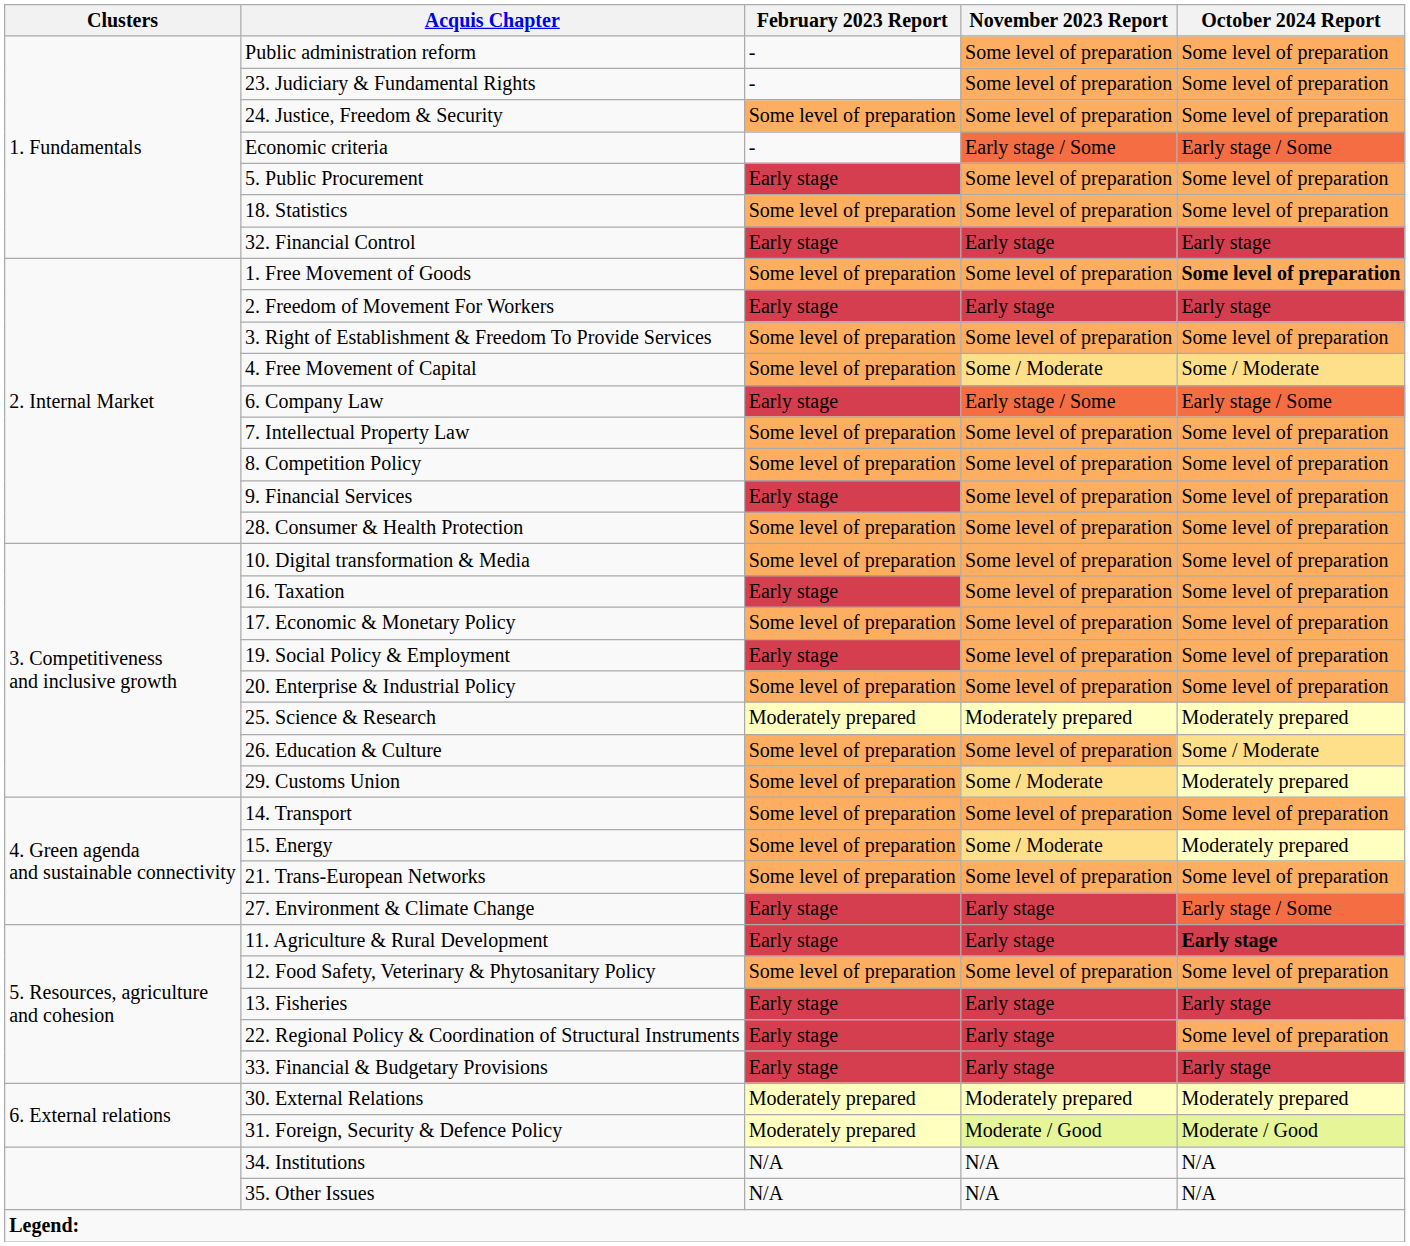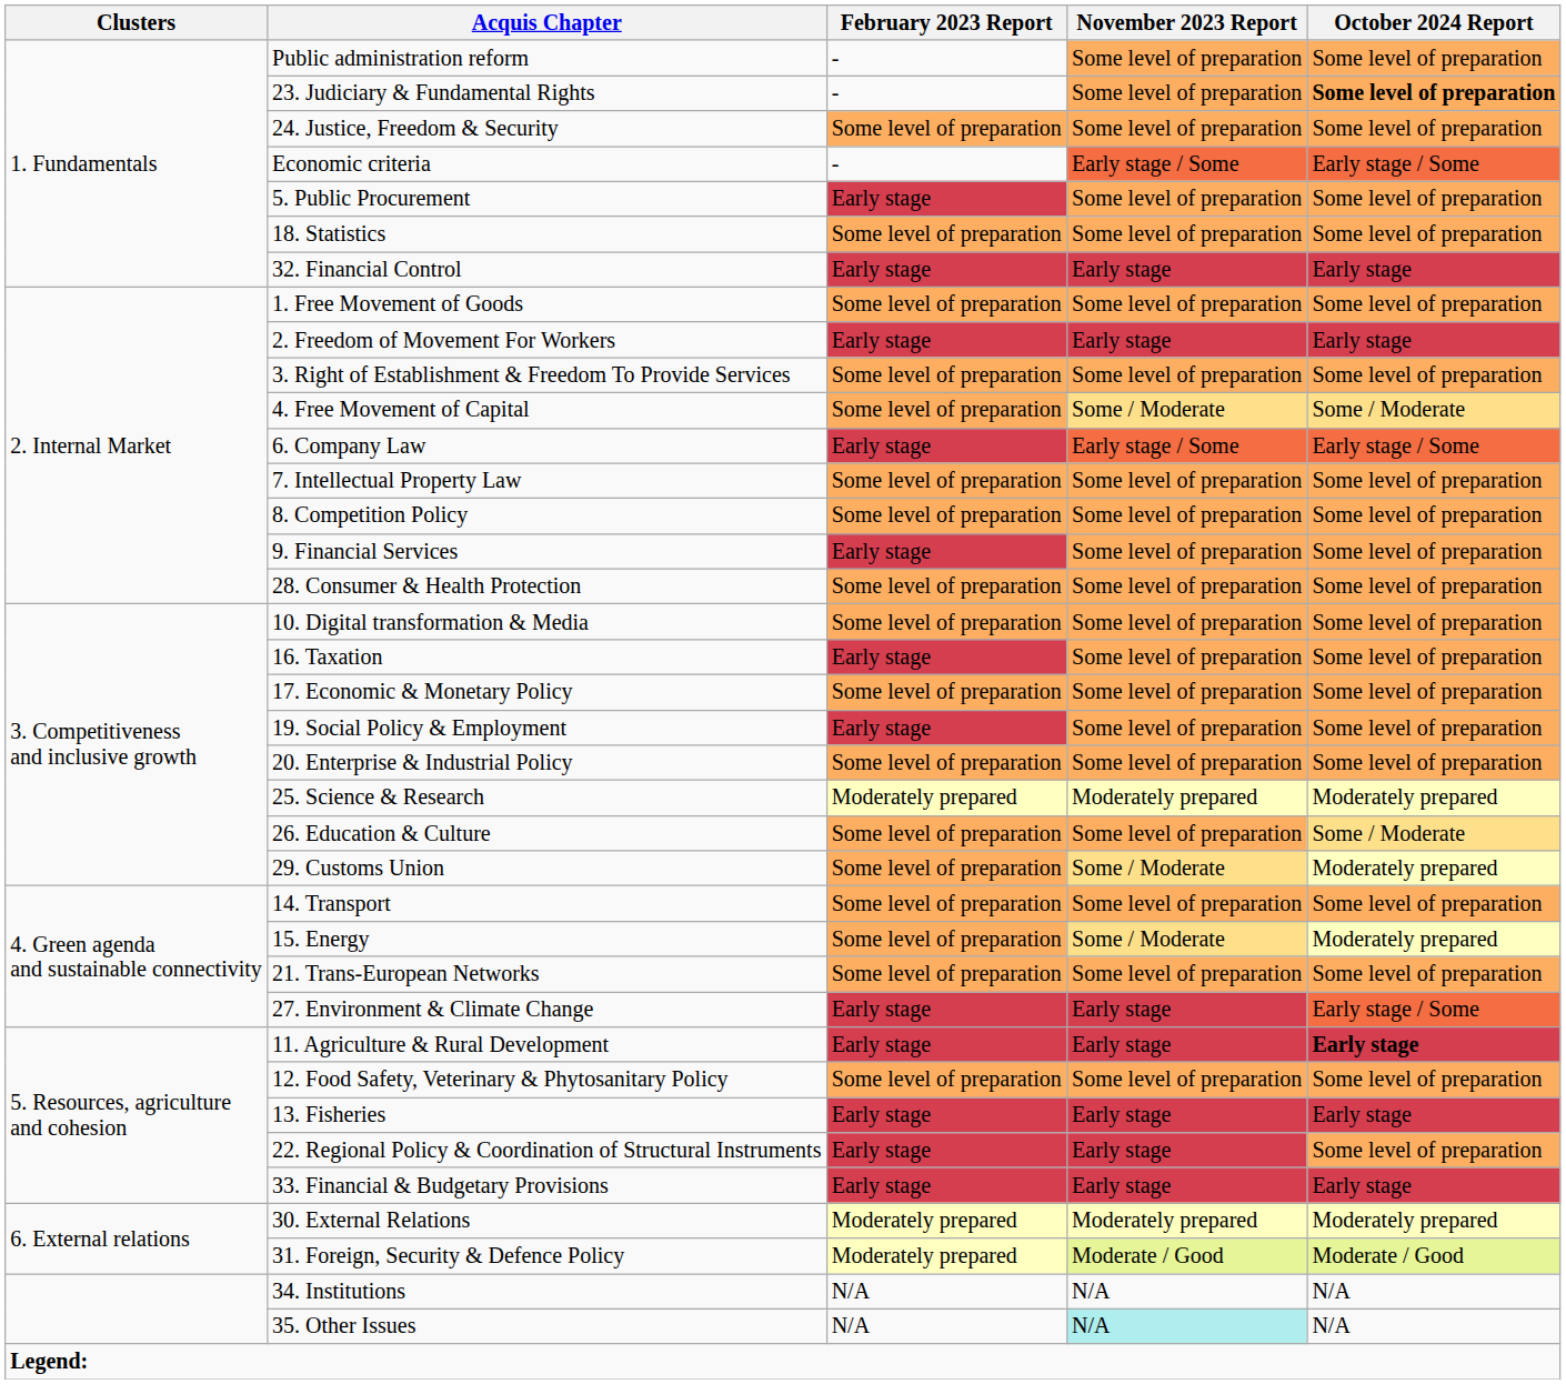 <table class="wikitable sortable mw-collapsible mw-collapsed" style="text-align:left; font-size: 1.0em;">
 <tr>
 <th>Clusters</th>
 <th><a href='#'>Acquis Chapter</a></th>
 <th>February 2023 Report</th>
 <th>November 2023 Report</th>
 <th>October 2024 Report</th>
 </tr>
 <tr>
 <td rowspan="7">1. Fundamentals</td>
 <td>Public administration reform</td>
 <td>-</td>
 <td style="background:#fdae61;" data-sort-value="2">Some level of preparation</td>
 <td style="background:#fdae61;" data-sort-value="2">Some level of preparation</td>
 </tr>
 <tr>
 <td style="text-align:left;">23. Judiciary & Fundamental Rights</td>
 <td>-</td>
 <td style="background:#fdae61;" data-sort-value="2">Some level of preparation</td>
-<td style="background:#fdae61;" data-sort-value="2">Some level of preparation</td>
+<td style="background:#fdae61;" data-sort-value="2"><strong>Some level of preparation</strong></td>
 </tr>
 <tr>
 <td style="text-align:left;">24. Justice, Freedom & Security</td>
 <td style="background:#fdae61;" data-sort-value="2">Some level of preparation</td>
 <td style="background:#fdae61;" data-sort-value="2">Some level of preparation</td>
 <td style="background:#fdae61;" data-sort-value="2">Some level of preparation</td>
 </tr>
 <tr>
 <td>Economic criteria</td>
 <td>-</td>
 <td style="background:#f46d43;" data-sort-value="1.5">Early stage / Some</td>
 <td style="background:#f46d43;" data-sort-value="1.5">Early stage / Some</td>
 </tr>
 <tr>
 <td style="text-align:left;">5. Public Procurement</td>
 <td style="background:#d53e4f;" data-sort-value="1">Early stage</td>
 <td style="background:#fdae61;" data-sort-value="2">Some level of preparation</td>
 <td style="background:#fdae61;" data-sort-value="2">Some level of preparation</td>
 </tr>
 <tr>
 <td style="text-align:left;">18. Statistics</td>
 <td style="background:#fdae61;" data-sort-value="2">Some level of preparation</td>
 <td style="background:#fdae61;" data-sort-value="2">Some level of preparation</td>
 <td style="background:#fdae61;" data-sort-value="2">Some level of preparation</td>
 </tr>
 <tr>
 <td style="text-align:left;">32. Financial Control</td>
 <td style="background:#d53e4f;" data-sort-value="1">Early stage</td>
 <td style="background:#d53e4f;" data-sort-value="1">Early stage</td>
 <td style="background:#d53e4f;" data-sort-value="1">Early stage</td>
 </tr>
 <tr>
 <td rowspan="9">2. Internal Market</td>
 <td style="text-align:left;">1. Free Movement of Goods</td>
 <td style="background:#fdae61;" data-sort-value="2">Some level of preparation</td>
 <td style="background:#fdae61;" data-sort-value="2">Some level of preparation</td>
-<td style="background:#fdae61;" data-sort-value="2"><strong>Some level of preparation</strong></td>
+<td style="background:#fdae61;" data-sort-value="2">Some level of preparation</td>
 </tr>
 <tr>
 <td style="text-align:left;">2. Freedom of Movement For Workers</td>
 <td style="background:#d53e4f;" data-sort-value="1">Early stage</td>
 <td style="background:#d53e4f;" data-sort-value="1">Early stage</td>
 <td style="background:#d53e4f;" data-sort-value="1">Early stage</td>
 </tr>
 <tr>
 <td style="text-align:left;">3. Right of Establishment & Freedom To Provide Services</td>
 <td style="background:#fdae61;" data-sort-value="2">Some level of preparation</td>
 <td style="background:#fdae61;" data-sort-value="2">Some level of preparation</td>
 <td style="background:#fdae61;" data-sort-value="2">Some level of preparation</td>
 </tr>
 <tr>
 <td style="text-align:left;">4. Free Movement of Capital</td>
 <td style="background:#fdae61;" data-sort-value="2">Some level of preparation</td>
 <td style="background:#fee08b;" data-sort-value="2.5">Some / Moderate</td>
 <td style="background:#fee08b;" data-sort-value="2.5">Some / Moderate</td>
 </tr>
 <tr>
 <td style="text-align:left;">6. Company Law</td>
 <td style="background:#d53e4f;" data-sort-value="1">Early stage</td>
 <td style="background:#f46d43;" data-sort-value="1.5">Early stage / Some</td>
 <td style="background:#f46d43;" data-sort-value="1.5">Early stage / Some</td>
 </tr>
 <tr>
 <td style="text-align:left;">7. Intellectual Property Law</td>
 <td style="background:#fdae61;" data-sort-value="2">Some level of preparation</td>
 <td style="background:#fdae61;" data-sort-value="2">Some level of preparation</td>
 <td style="background:#fdae61;" data-sort-value="2">Some level of preparation</td>
 </tr>
 <tr>
 <td style="text-align:left;">8. Competition Policy</td>
 <td style="background:#fdae61;" data-sort-value="2">Some level of preparation</td>
 <td style="background:#fdae61;" data-sort-value="2">Some level of preparation</td>
 <td style="background:#fdae61;" data-sort-value="2">Some level of preparation</td>
 </tr>
 <tr>
 <td style="text-align:left;">9. Financial Services</td>
 <td style="background:#d53e4f;" data-sort-value="1">Early stage</td>
 <td style="background:#fdae61;" data-sort-value="2">Some level of preparation</td>
 <td style="background:#fdae61;" data-sort-value="2">Some level of preparation</td>
 </tr>
 <tr>
 <td style="text-align:left;">28. Consumer & Health Protection</td>
 <td style="background:#fdae61;" data-sort-value="2">Some level of preparation</td>
 <td style="background:#fdae61;" data-sort-value="2">Some level of preparation</td>
 <td style="background:#fdae61;" data-sort-value="2">Some level of preparation</td>
 </tr>
 <tr>
 <td rowspan="8">3. Competitiveness <br>and inclusive growth</td>
 <td style="text-align:left;">10. Digital transformation & Media</td>
 <td style="background:#fdae61;" data-sort-value="2">Some level of preparation</td>
 <td style="background:#fdae61;" data-sort-value="2">Some level of preparation</td>
 <td style="background:#fdae61;" data-sort-value="2">Some level of preparation</td>
 </tr>
 <tr>
 <td style="text-align:left;">16. Taxation</td>
 <td style="background:#d53e4f;" data-sort-value="1">Early stage</td>
 <td style="background:#fdae61;" data-sort-value="2">Some level of preparation</td>
 <td style="background:#fdae61;" data-sort-value="2">Some level of preparation</td>
 </tr>
 <tr>
 <td style="text-align:left;">17. Economic & Monetary Policy</td>
 <td style="background:#fdae61;" data-sort-value="2">Some level of preparation</td>
 <td style="background:#fdae61;" data-sort-value="2">Some level of preparation</td>
 <td style="background:#fdae61;" data-sort-value="2">Some level of preparation</td>
 </tr>
 <tr>
 <td style="text-align:left;">19. Social Policy & Employment</td>
 <td style="background:#d53e4f;" data-sort-value="1">Early stage</td>
 <td style="background:#fdae61;" data-sort-value="2">Some level of preparation</td>
 <td style="background:#fdae61;" data-sort-value="2">Some level of preparation</td>
 </tr>
 <tr>
 <td style="text-align:left;">20. Enterprise & Industrial Policy</td>
 <td style="background:#fdae61;" data-sort-value="2">Some level of preparation</td>
 <td style="background:#fdae61;" data-sort-value="2">Some level of preparation</td>
 <td style="background:#fdae61;" data-sort-value="2">Some level of preparation</td>
 </tr>
 <tr>
 <td style="text-align:left;">25. Science & Research</td>
 <td style="background:#ffffbf;" data-sort-value="3">Moderately prepared</td>
 <td style="background:#ffffbf;" data-sort-value="3">Moderately prepared</td>
 <td style="background:#ffffbf;" data-sort-value="3">Moderately prepared</td>
 </tr>
 <tr>
 <td style="text-align:left;">26. Education & Culture</td>
 <td style="background:#fdae61;" data-sort-value="2">Some level of preparation</td>
 <td style="background:#fdae61;" data-sort-value="2">Some level of preparation</td>
 <td style="background:#fee08b;" data-sort-value="2.5">Some / Moderate</td>
 </tr>
 <tr>
 <td style="text-align:left;">29. Customs Union</td>
 <td style="background:#fdae61;" data-sort-value="2">Some level of preparation</td>
 <td style="background:#fee08b;" data-sort-value="2.5">Some / Moderate</td>
 <td style="background:#ffffbf;" data-sort-value="3">Moderately prepared</td>
 </tr>
 <tr>
 <td rowspan="4">4. Green agenda<br>and sustainable connectivity</td>
 <td style="text-align:left;">14. Transport</td>
 <td style="background:#fdae61;" data-sort-value="2">Some level of preparation</td>
 <td style="background:#fdae61;" data-sort-value="2">Some level of preparation</td>
 <td style="background:#fdae61;" data-sort-value="2">Some level of preparation</td>
 </tr>
 <tr>
 <td style="text-align:left;">15. Energy</td>
 <td style="background:#fdae61;" data-sort-value="2">Some level of preparation</td>
 <td style="background:#fee08b;" data-sort-value="2.5">Some / Moderate</td>
 <td style="background:#ffffbf;" data-sort-value="3">Moderately prepared</td>
 </tr>
 <tr>
 <td style="text-align:left;">21. Trans-European Networks</td>
 <td style="background:#fdae61;" data-sort-value="2">Some level of preparation</td>
 <td style="background:#fdae61;" data-sort-value="2">Some level of preparation</td>
 <td style="background:#fdae61;" data-sort-value="2">Some level of preparation</td>
 </tr>
 <tr>
 <td style="text-align:left;">27. Environment & Climate Change</td>
 <td style="background:#d53e4f;" data-sort-value="1">Early stage</td>
 <td style="background:#d53e4f;" data-sort-value="1">Early stage</td>
 <td style="background:#f46d43;" data-sort-value="1.5">Early stage / Some</td>
 </tr>
 <tr>
 <td rowspan="5">5. Resources, agriculture <br>and cohesion</td>
 <td style="text-align:left;">11. Agriculture & Rural Development</td>
 <td style="background:#d53e4f;" data-sort-value="1">Early stage</td>
 <td style="background:#d53e4f;" data-sort-value="1">Early stage</td>
 <td style="background:#d53e4f;" data-sort-value="1"><strong>Early stage</strong></td>
 </tr>
 <tr>
 <td style="text-align:left;">12. Food Safety, Veterinary & Phytosanitary Policy</td>
 <td style="background:#fdae61;" data-sort-value="2">Some level of preparation</td>
 <td style="background:#fdae61;" data-sort-value="2">Some level of preparation</td>
 <td style="background:#fdae61;" data-sort-value="2">Some level of preparation</td>
 </tr>
 <tr>
 <td style="text-align:left;">13. Fisheries</td>
 <td style="background:#d53e4f;" data-sort-value="1">Early stage</td>
 <td style="background:#d53e4f;" data-sort-value="1">Early stage</td>
 <td style="background:#d53e4f;" data-sort-value="1">Early stage</td>
 </tr>
 <tr>
 <td style="text-align:left;">22. Regional Policy & Coordination of Structural Instruments</td>
 <td style="background:#d53e4f;" data-sort-value="1">Early stage</td>
 <td style="background:#d53e4f;" data-sort-value="1">Early stage</td>
 <td style="background:#fdae61;" data-sort-value="2">Some level of preparation</td>
 </tr>
 <tr>
 <td style="text-align:left;">33. Financial & Budgetary Provisions</td>
 <td style="background:#d53e4f;" data-sort-value="1">Early stage</td>
 <td style="background:#d53e4f;" data-sort-value="1">Early stage</td>
 <td style="background:#d53e4f;" data-sort-value="1">Early stage</td>
 </tr>
 <tr>
 <td rowspan="2">6. External relations</td>
 <td style="text-align:left;">30. External Relations</td>
 <td style="background:#ffffbf;" data-sort-value="3">Moderately prepared</td>
 <td style="background:#ffffbf;" data-sort-value="3">Moderately prepared</td>
 <td style="background:#ffffbf;" data-sort-value="3">Moderately prepared</td>
 </tr>
 <tr>
 <td style="text-align:left;">31. Foreign, Security & Defence Policy</td>
 <td style="background:#ffffbf;" data-sort-value="3">Moderately prepared</td>
 <td style="background:#e6f598;" data-sort-value="3.5">Moderate / Good</td>
 <td style="background:#e6f598;" data-sort-value="3.5">Moderate / Good</td>
 </tr>
 <tr>
 <td rowspan="2"></td>
 <td style="text-align:left;">34. Institutions</td>
 <td>N/A</td>
 <td>N/A</td>
 <td>N/A</td>
 </tr>
 <tr>
 <td style="text-align:left;">35. Other Issues</td>
 <td>N/A</td>
-<td>N/A</td>
+<td style="background: paleturquoise;">N/A</td>
 <td>N/A</td>
 </tr>
 <tr class=sortbottom>
 <td colspan="5"><strong>Legend:</strong><br>        </td>
 </tr>
 </table>
